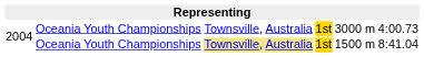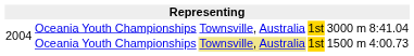 <table>
 <tr>
 <th bgcolor="#eeeeee" colspan="6">Representing </th>
 </tr>
 <tr>
 <td rowspan=2>2004</td>
 <td><a href='#'>Oceania Youth Championships</a></td>
 <td><a href='#'>Townsville</a>, <a href='#'>Australia</a></td>
 <td bgcolor=gold>1st</td>
 <td>3000 m</td>
-<td>4:00.73</td>
+<td>8:41.04</td>
 </tr>
 <tr>
 <td><a href='#'>Oceania Youth Championships</a></td>
 <td style="background: khaki;"><a href='#'>Townsville</a>, <a href='#'>Australia</a></td>
 <td bgcolor=gold>1st</td>
 <td>1500 m</td>
-<td>8:41.04</td>
+<td>4:00.73</td>
 </tr>
 </table>
